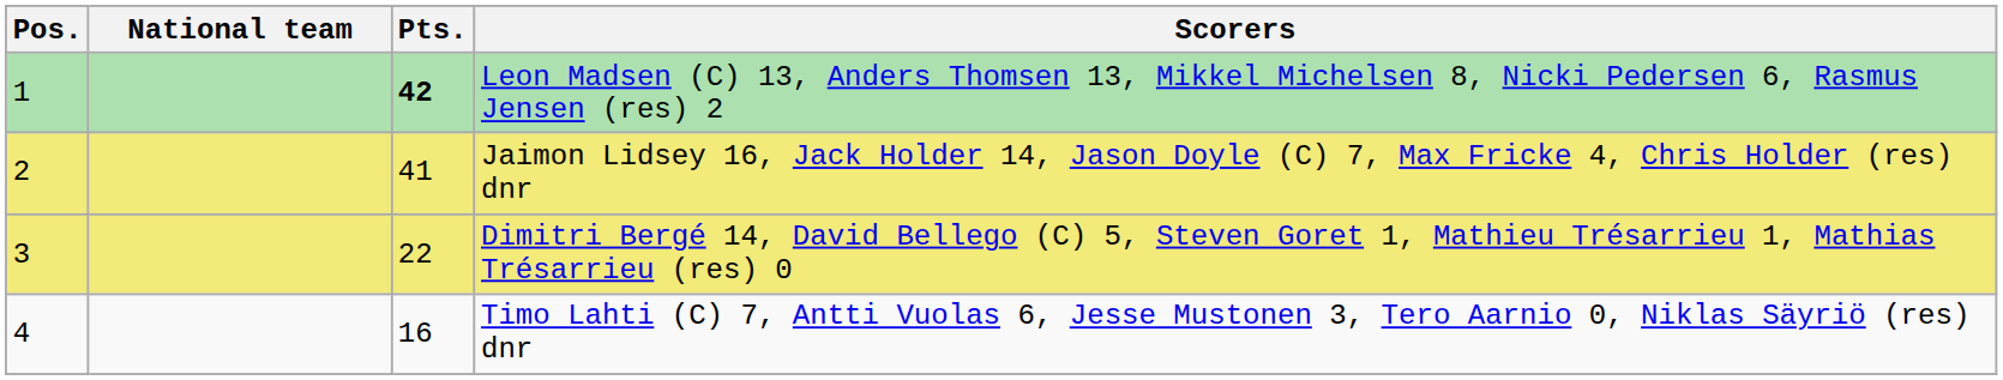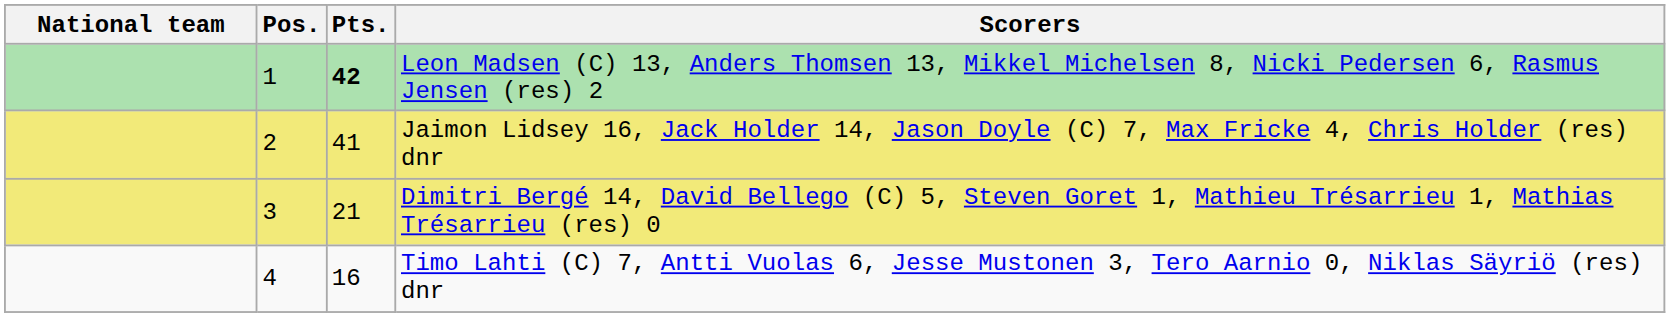 <table class=wikitable>
 <tr>
+<th width=130>National team</th>
 <th width=20>Pos.</th>
-<th width=130>National team</th>
 <th width=30>Pts.</th>
 <th width=680>Scorers</th>
 </tr>
 <tr style="background:#ACE1AF;">
+<td align=left></td>
 <td>1</td>
-<td align=left></td>
 <td><strong>42</strong></td>
 <td><a href='#'>Leon Madsen</a> (C) 13, <a href='#'>Anders Thomsen</a> 13, <a href='#'>Mikkel Michelsen</a> 8, <a href='#'>Nicki Pedersen</a> 6, <a href='#'>Rasmus Jensen</a> (res) 2</td>
 </tr>
 <tr style="background:#f2ea79;">
+<td align=left></td>
 <td>2</td>
-<td align=left></td>
 <td>41</td>
 <td>Jaimon Lidsey 16, <a href='#'>Jack Holder</a> 14, <a href='#'>Jason Doyle</a> (C) 7, <a href='#'>Max Fricke</a> 4, <a href='#'>Chris Holder</a> (res) dnr</td>
 </tr>
 <tr style="background:#f2ea79;">
+<td align=left></td>
 <td>3</td>
-<td align=left></td>
-<td>22</td>
+<td>21</td>
 <td><a href='#'>Dimitri Bergé</a> 14, <a href='#'>David Bellego</a> (C) 5, <a href='#'>Steven Goret</a> 1, <a href='#'>Mathieu Trésarrieu</a> 1, <a href='#'>Mathias Trésarrieu</a> (res) 0</td>
 </tr>
 <tr>
+<td align=left></td>
 <td>4</td>
-<td align=left></td>
 <td>16</td>
 <td><a href='#'>Timo Lahti</a> (C) 7, <a href='#'>Antti Vuolas</a> 6, <a href='#'>Jesse Mustonen</a> 3, <a href='#'>Tero Aarnio</a> 0, <a href='#'>Niklas Säyriö</a> (res) dnr</td>
 </tr>
 </table>
